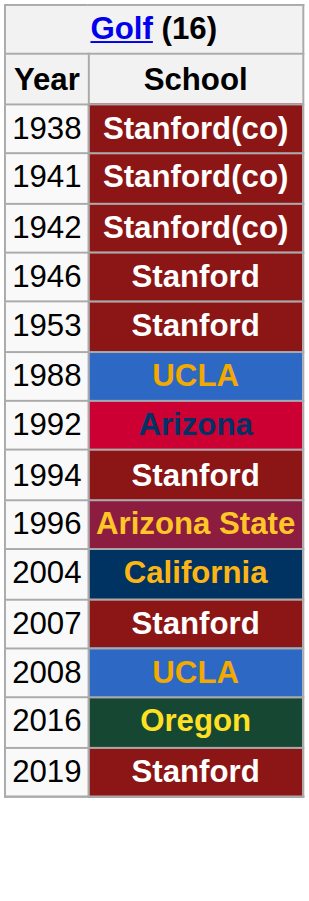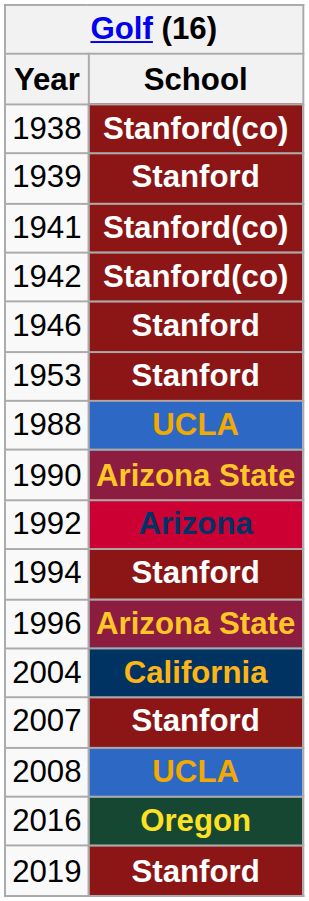 <table class="wikitable">
 <tr>
 <th colspan=2><a href='#'>Golf</a> (16)</th>
 </tr>
 <tr>
 <th>Year</th>
 <th>School</th>
 </tr>
 <tr>
 <td>1938</td>
 <th style="background:#8C1515; color:#FFFFFF;">Stanford(co)</th>
+</tr>
+<tr>
+<td>1939</td>
+<th style="background:#8C1515; color:#FFFFFF;">Stanford</th>
 </tr>
 <tr>
 <td>1941</td>
 <th style="background:#8C1515; color:#FFFFFF;">Stanford(co)</th>
 </tr>
 <tr>
 <td>1942</td>
 <th style="background:#8C1515; color:#FFFFFF;">Stanford(co)</th>
 </tr>
 <tr>
 <td>1946</td>
 <th style="background:#8C1515; color:#FFFFFF;">Stanford</th>
 </tr>
 <tr>
 <td>1953</td>
 <th style="background:#8C1515; color:#FFFFFF;">Stanford</th>
 </tr>
 <tr>
 <td>1988</td>
 <th style="background:#2D68C4; color:#F2A900;">UCLA</th>
+</tr>
+<tr>
+<td>1990</td>
+<th style="background:#8C1D40; color:#FFC627;">Arizona State</th>
 </tr>
 <tr>
 <td>1992</td>
 <th style="background:#CC0033; color:#003366;">Arizona</th>
 </tr>
 <tr>
 <td>1994</td>
 <th style="background:#8C1515; color:#FFFFFF;">Stanford</th>
 </tr>
 <tr>
 <td>1996</td>
 <th style="background:#8C1D40; color:#FFC627;">Arizona State</th>
 </tr>
 <tr>
 <td>2004</td>
 <th style="background:#003262; color:#FDB515;">California</th>
 </tr>
 <tr>
 <td>2007</td>
 <th style="background:#8C1515; color:#FFFFFF;">Stanford</th>
 </tr>
 <tr>
 <td>2008</td>
 <th style="background:#2D68C4; color:#F2A900;">UCLA</th>
 </tr>
 <tr>
 <td>2016</td>
 <th style="background:#154733; color:#FEE123;">Oregon</th>
 </tr>
 <tr>
 <td>2019</td>
 <th style="background:#8C1515; color:#FFFFFF;">Stanford</th>
 </tr>
 <tr>
 </tr>
 </table>
